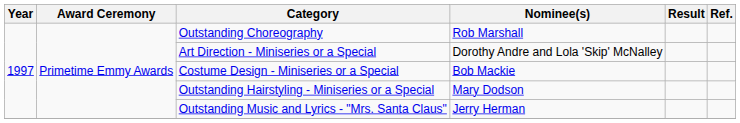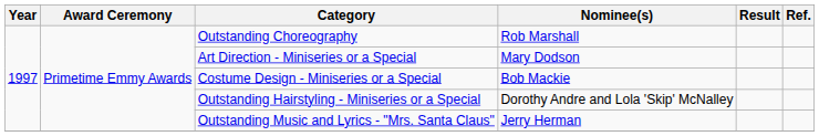 <table class="wikitable">
 <tr>
 <th>Year</th>
 <th>Award Ceremony</th>
 <th>Category</th>
 <th>Nominee(s)</th>
 <th>Result</th>
 <th>Ref.</th>
 </tr>
 <tr>
 <td rowspan="5"><a href='#'>1997</a></td>
 <td rowspan="5"><a href='#'>Primetime Emmy Awards</a></td>
 <td><a href='#'>Outstanding Choreography</a></td>
 <td><a href='#'>Rob Marshall</a></td>
 <td></td>
 <td></td>
 </tr>
 <tr>
 <td><a href='#'>Art Direction - Miniseries or a Special</a></td>
-<td>Dorothy Andre and Lola 'Skip' McNalley</td>
+<td><a href='#'>Mary Dodson</a></td>
 <td></td>
 <td></td>
 </tr>
 <tr>
 <td><a href='#'>Costume Design - Miniseries or a Special</a></td>
 <td><a href='#'>Bob Mackie</a></td>
 <td></td>
 <td></td>
 </tr>
 <tr>
 <td><a href='#'>Outstanding Hairstyling - Miniseries or a Special</a></td>
-<td><a href='#'>Mary Dodson</a></td>
+<td>Dorothy Andre and Lola 'Skip' McNalley</td>
 <td></td>
 <td></td>
 </tr>
 <tr>
 <td><a href='#'>Outstanding Music and Lyrics - "Mrs. Santa Claus"</a></td>
 <td><a href='#'>Jerry Herman</a></td>
 <td></td>
 <td></td>
 </tr>
 <tr>
 </tr>
 </table>
